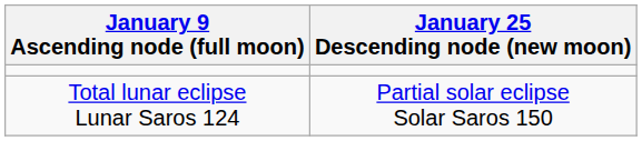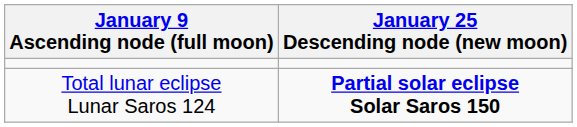 <table class="wikitable">
 <tr>
 <th><a href='#'>January 9</a><br>Ascending node (full moon)<br></th>
 <th><a href='#'>January 25</a><br>Descending node (new moon)<br></th>
 </tr>
 <tr>
 <td></td>
 <td></td>
 </tr>
 <tr align=center>
 <td><a href='#'>Total lunar eclipse</a><br>Lunar Saros 124</td>
-<td><a href='#'>Partial solar eclipse</a><br>Solar Saros 150</td>
+<td><strong><a href='#'>Partial solar eclipse</a><br>Solar Saros 150</strong></td>
 </tr>
 </table>
